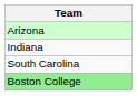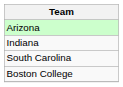 <table class="wikitable" style="text-align: center;">
 <tr>
 <th width="180">Team</th>
 </tr>
 <tr bgcolor=#ccffcc>
 <td align="left">Arizona</td>
 </tr>
 <tr>
 <td align="left">Indiana</td>
 </tr>
 <tr>
 <td align="left">South Carolina</td>
 </tr>
 <tr>
-<td align="left" style="background: lightgreen;">Boston College</td>
+<td align="left">Boston College</td>
 </tr>
 <tr>
 </tr>
 </table>
